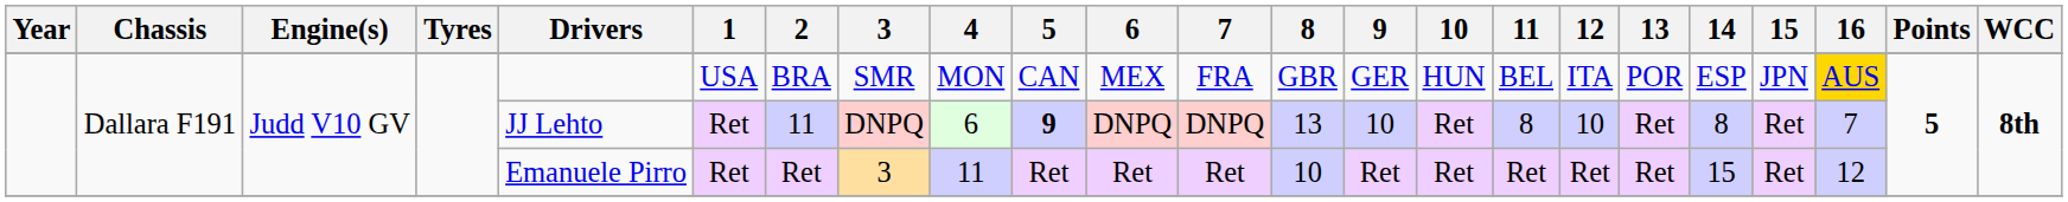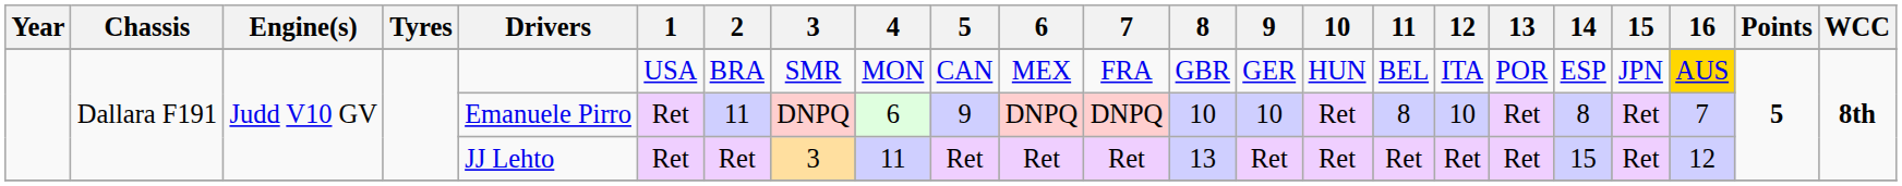 <table class="wikitable" style="text-align:center; font-size:95%">
 <tr>
 <th>Year</th>
 <th>Chassis</th>
 <th>Engine(s)</th>
 <th>Tyres</th>
 <th>Drivers</th>
 <th>1</th>
 <th>2</th>
 <th>3</th>
 <th>4</th>
 <th>5</th>
 <th>6</th>
 <th>7</th>
 <th>8</th>
 <th>9</th>
 <th>10</th>
 <th>11</th>
 <th>12</th>
 <th>13</th>
 <th>14</th>
 <th>15</th>
 <th>16</th>
 <th>Points</th>
 <th>WCC</th>
 </tr>
 <tr>
 </tr>
 <tr>
 <td rowspan="3"></td>
 <td rowspan="3">Dallara F191</td>
 <td rowspan="3"><a href='#'>Judd</a> <a href='#'>V10</a> GV</td>
 <td rowspan="3"></td>
 <td></td>
 <td><a href='#'>USA</a></td>
 <td><a href='#'>BRA</a></td>
 <td><a href='#'>SMR</a></td>
 <td><a href='#'>MON</a></td>
 <td><a href='#'>CAN</a></td>
 <td><a href='#'>MEX</a></td>
 <td><a href='#'>FRA</a></td>
 <td><a href='#'>GBR</a></td>
 <td><a href='#'>GER</a></td>
 <td><a href='#'>HUN</a></td>
 <td><a href='#'>BEL</a></td>
 <td><a href='#'>ITA</a></td>
 <td><a href='#'>POR</a></td>
 <td><a href='#'>ESP</a></td>
 <td><a href='#'>JPN</a></td>
 <td style="background: gold;"><a href='#'>AUS</a></td>
 <td rowspan="3"><strong>5</strong></td>
 <td rowspan="3"><strong>8th</strong></td>
 </tr>
 <tr>
-<td align="left"><a href='#'>JJ Lehto</a></td>
+<td align="left"><a href='#'>Emanuele Pirro</a></td>
 <td style="background:#efcfff;">Ret</td>
 <td style="background:#cfcfff;">11</td>
 <td style="background:#FFCFCF;">DNPQ</td>
 <td style="background:#dfffdf;">6</td>
-<td style="background:#cfcfff;"><strong>9</strong></td>
+<td style="background:#cfcfff;">9</td>
 <td style="background:#FFCFCF;">DNPQ</td>
 <td style="background:#FFCFCF;">DNPQ</td>
-<td style="background:#cfcfff;">13</td>
+<td style="background:#cfcfff;">10</td>
 <td style="background:#cfcfff;">10</td>
 <td style="background:#efcfff;">Ret</td>
 <td style="background:#cfcfff;">8</td>
 <td style="background:#cfcfff;">10</td>
 <td style="background:#efcfff;">Ret</td>
 <td style="background:#cfcfff;">8</td>
 <td style="background:#efcfff;">Ret</td>
 <td style="background:#cfcfff;">7</td>
 </tr>
 <tr>
-<td align="left"><a href='#'>Emanuele Pirro</a></td>
+<td align="left"><a href='#'>JJ Lehto</a></td>
 <td style="background:#efcfff;">Ret</td>
 <td style="background:#efcfff;">Ret</td>
 <td style="background:#ffdf9f;">3</td>
 <td style="background:#cfcfff;">11</td>
 <td style="background:#efcfff;">Ret</td>
 <td style="background:#efcfff;">Ret</td>
 <td style="background:#efcfff;">Ret</td>
-<td style="background:#cfcfff;">10</td>
+<td style="background:#cfcfff;">13</td>
 <td style="background:#efcfff;">Ret</td>
 <td style="background:#efcfff;">Ret</td>
 <td style="background:#efcfff;">Ret</td>
 <td style="background:#efcfff;">Ret</td>
 <td style="background:#efcfff;">Ret</td>
 <td style="background:#cfcfff;">15</td>
 <td style="background:#efcfff;">Ret</td>
 <td style="background:#cfcfff;">12</td>
 </tr>
 <tr>
 </tr>
 </table>
